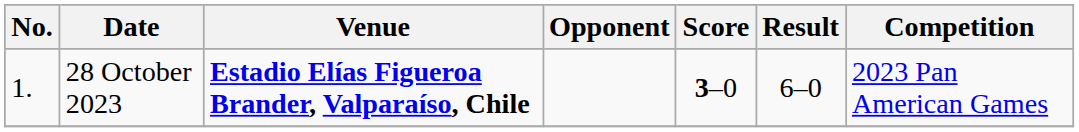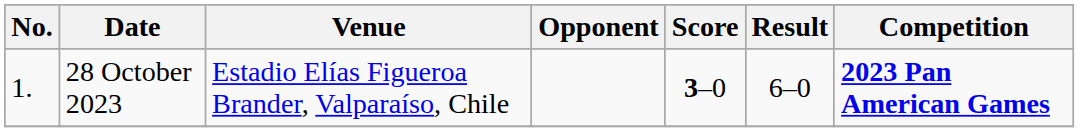 <table class="wikitable">
 <tr>
 <th>No.</th>
 <th>Date</th>
 <th>Venue</th>
 <th>Opponent</th>
 <th>Score</th>
 <th>Result</th>
 <th>Competition</th>
 </tr>
 <tr>
 <td>1.</td>
 <td>28 October 2023</td>
-<td><strong><a href='#'>Estadio Elías Figueroa Brander</a>, <a href='#'>Valparaíso</a>, Chile</strong></td>
+<td><a href='#'>Estadio Elías Figueroa Brander</a>, <a href='#'>Valparaíso</a>, Chile</td>
 <td></td>
 <td align=center><strong>3</strong>–0</td>
 <td align=center>6–0</td>
-<td><a href='#'>2023 Pan American Games</a></td>
+<td><strong><a href='#'>2023 Pan American Games</a></strong></td>
 </tr>
 <tr>
 </tr>
 </table>
